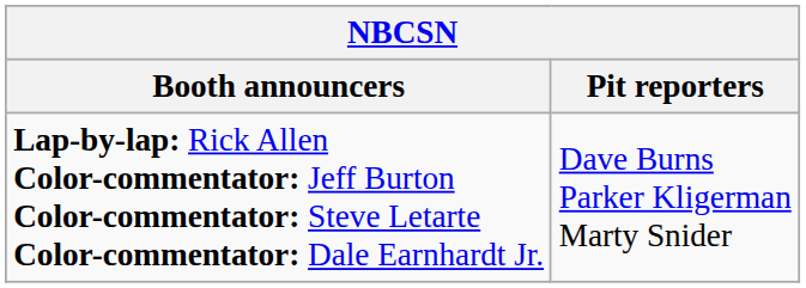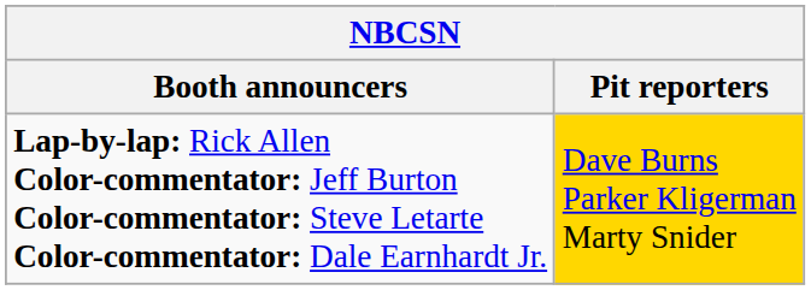 <table class="wikitable" style="font-size: 95%">
 <tr>
 <th colspan="3"><a href='#'>NBCSN</a></th>
 </tr>
 <tr>
 <th>Booth announcers</th>
 <th>Pit reporters</th>
 </tr>
 <tr>
 <td><strong>Lap-by-lap:</strong> <a href='#'>Rick Allen</a><br><strong>Color-commentator:</strong> <a href='#'>Jeff Burton</a><br><strong>Color-commentator:</strong> <a href='#'>Steve Letarte</a><br><strong>Color-commentator:</strong> <a href='#'>Dale Earnhardt Jr.</a></td>
-<td><a href='#'>Dave Burns</a><br><a href='#'>Parker Kligerman</a><br>Marty Snider</td>
+<td style="background: gold;"><a href='#'>Dave Burns</a><br><a href='#'>Parker Kligerman</a><br>Marty Snider</td>
 </tr>
 </table>
